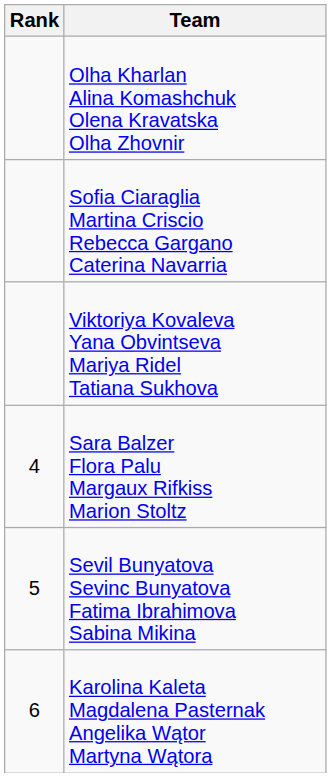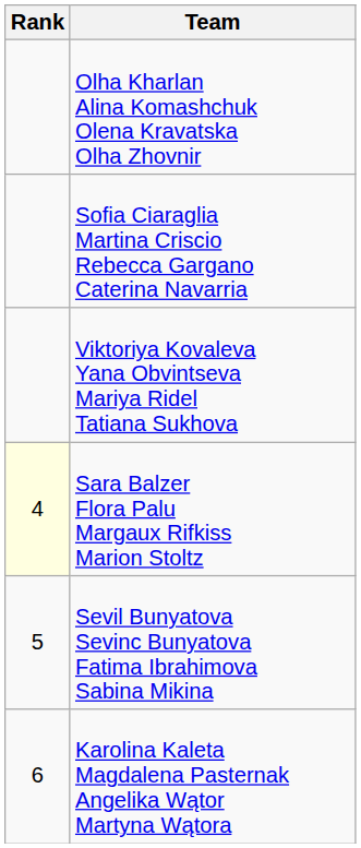 <table class="wikitable" style="text-align: center;">
 <tr>
 <th width=40>Rank</th>
 <th width=200>Team</th>
 </tr>
 <tr>
 <td></td>
 <td align=left><br><a href='#'>Olha Kharlan</a><br><a href='#'>Alina Komashchuk</a><br><a href='#'>Olena Kravatska</a><br><a href='#'>Olha Zhovnir</a></td>
 </tr>
 <tr>
 <td></td>
 <td align=left><br><a href='#'>Sofia Ciaraglia</a><br><a href='#'>Martina Criscio</a><br><a href='#'>Rebecca Gargano</a><br><a href='#'>Caterina Navarria</a></td>
 </tr>
 <tr>
 <td></td>
 <td align=left><br><a href='#'>Viktoriya Kovaleva</a><br><a href='#'>Yana Obvintseva</a><br><a href='#'>Mariya Ridel</a><br><a href='#'>Tatiana Sukhova</a></td>
 </tr>
 <tr>
-<td>4</td>
+<td style="background: lightyellow;">4</td>
 <td align=left><br><a href='#'>Sara Balzer</a><br><a href='#'>Flora Palu</a><br><a href='#'>Margaux Rifkiss</a><br><a href='#'>Marion Stoltz</a></td>
 </tr>
 <tr>
 <td>5</td>
 <td align=left><br><a href='#'>Sevil Bunyatova</a><br><a href='#'>Sevinc Bunyatova</a><br><a href='#'>Fatima Ibrahimova</a><br><a href='#'>Sabina Mikina</a></td>
 </tr>
 <tr>
 <td>6</td>
 <td align=left><br><a href='#'>Karolina Kaleta</a><br><a href='#'>Magdalena Pasternak</a><br><a href='#'>Angelika Wątor</a><br><a href='#'>Martyna Wątora</a></td>
 </tr>
 </table>
